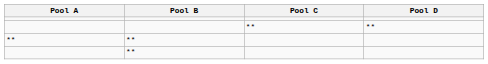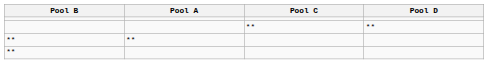 <table class="wikitable" width=800>
 <tr>
+<th width=25%>Pool B</th>
 <th width=25%>Pool A</th>
-<th width=25%>Pool B</th>
 <th width=25%>Pool C</th>
 <th width=25%>Pool D</th>
 </tr>
 <tr>
 <td></td>
 <td></td>
 <td></td>
 <td></td>
 </tr>
 <tr>
 <td></td>
 <td></td>
 <td>**</td>
 <td>**</td>
 </tr>
 <tr>
 <td>**</td>
 <td>**</td>
 <td></td>
 <td></td>
 </tr>
 <tr>
+<td>**</td>
 <td></td>
-<td>**</td>
 <td></td>
 <td></td>
 </tr>
 </table>
